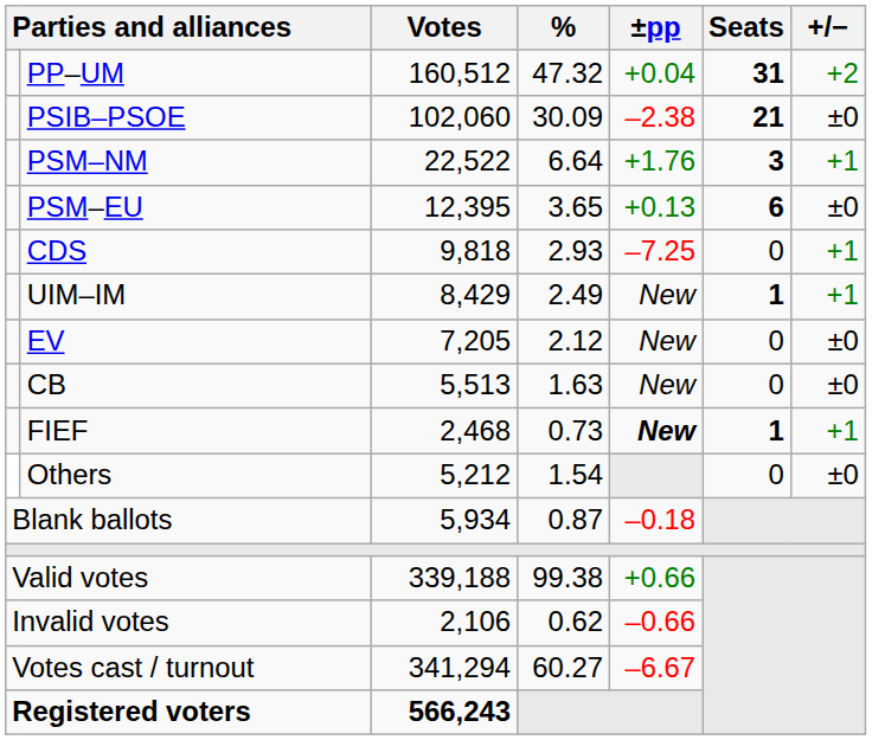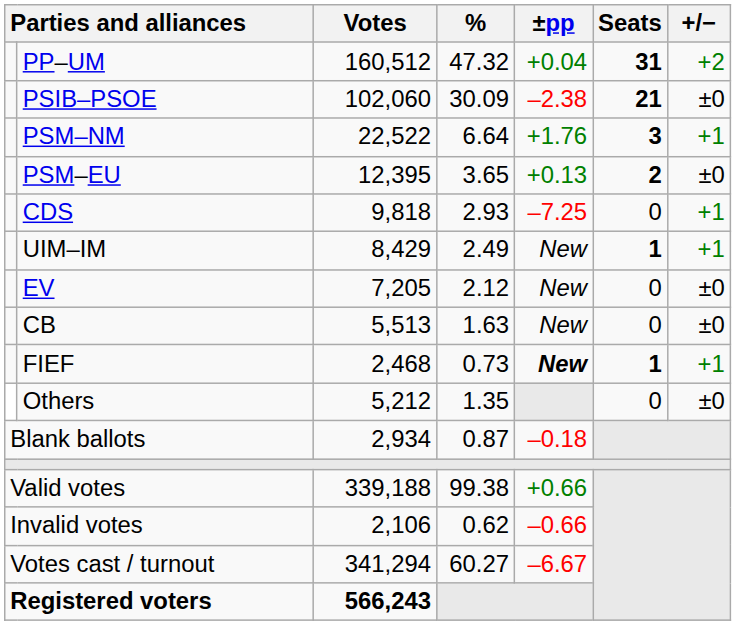 <table class="wikitable" style="text-align:right;">
 <tr>
 <th style="text-align:left;" colspan="2" width="200">Parties and alliances</th>
 <th width="75">Votes</th>
 <th width="45">%</th>
 <th width="45">±<a href='#'>pp</a></th>
 <th width="35">Seats</th>
 <th width="35">+/−</th>
 </tr>
 <tr>
 <td width="1" style="color:inherit;background:"></td>
 <td align="left"><a href='#'>PP</a>–<a href='#'>UM</a></td>
 <td>160,512</td>
 <td>47.32</td>
 <td style="color:green;">+0.04</td>
 <td><strong>31</strong></td>
 <td style="color:green;">+2</td>
 </tr>
 <tr>
 <td style="color:inherit;background:"></td>
 <td align="left"><a href='#'>PSIB–PSOE</a></td>
 <td>102,060</td>
 <td>30.09</td>
 <td style="color:red;">–2.38</td>
 <td><strong>21</strong></td>
 <td>±0</td>
 </tr>
 <tr>
 <td style="color:inherit;background:"></td>
 <td align="left"><a href='#'>PSM–NM</a></td>
 <td>22,522</td>
 <td>6.64</td>
 <td style="color:green;">+1.76</td>
 <td><strong>3</strong></td>
 <td style="color:green;">+1</td>
 </tr>
 <tr>
 <td style="color:inherit;background:"></td>
 <td align="left"><a href='#'>PSM</a>–<a href='#'>EU</a></td>
 <td>12,395</td>
 <td>3.65</td>
 <td style="color:green;">+0.13</td>
-<td><strong>6</strong></td>
+<td><strong>2</strong></td>
 <td>±0</td>
 </tr>
 <tr>
 <td style="color:inherit;background:"></td>
 <td align="left"><a href='#'>CDS</a></td>
 <td>9,818</td>
 <td>2.93</td>
 <td style="color:red;">–7.25</td>
 <td>0</td>
 <td style="color:green;">+1</td>
 </tr>
 <tr>
 <td style="color:inherit;background:"></td>
 <td align="left">UIM–IM</td>
 <td>8,429</td>
 <td>2.49</td>
 <td><em>New</em></td>
 <td><strong>1</strong></td>
 <td style="color:green;">+1</td>
 </tr>
 <tr>
 <td style="color:inherit;background:"></td>
 <td align="left"><a href='#'>EV</a></td>
 <td>7,205</td>
 <td>2.12</td>
 <td><em>New</em></td>
 <td>0</td>
 <td>±0</td>
 </tr>
 <tr>
 <td style="color:inherit;background:"></td>
 <td align="left">CB</td>
 <td>5,513</td>
 <td>1.63</td>
 <td><em>New</em></td>
 <td>0</td>
 <td>±0</td>
 </tr>
 <tr>
 <td style="color:inherit;background:"></td>
 <td align="left">FIEF</td>
 <td>2,468</td>
 <td>0.73</td>
 <td><strong><em>New</em></strong></td>
 <td><strong>1</strong></td>
 <td style="color:green;">+1</td>
 </tr>
 <tr>
 <td bgcolor="white"></td>
 <td align="left">Others</td>
 <td>5,212</td>
-<td>1.54</td>
+<td>1.35</td>
 <td bgcolor="#E9E9E9"></td>
 <td>0</td>
 <td>±0</td>
 </tr>
 <tr>
 <td align="left" colspan="2">Blank ballots</td>
-<td>5,934</td>
+<td>2,934</td>
 <td>0.87</td>
 <td style="color:red;">–0.18</td>
 <td bgcolor="#E9E9E9" colspan="2"></td>
 </tr>
 <tr>
 <td colspan="7" bgcolor="#E9E9E9"></td>
 </tr>
 <tr>
 <td align="left" colspan="2">Valid votes</td>
 <td>339,188</td>
 <td>99.38</td>
 <td style="color:green;">+0.66</td>
 <td bgcolor="#E9E9E9" colspan="2" rowspan="4"></td>
 </tr>
 <tr>
 <td align="left" colspan="2">Invalid votes</td>
 <td>2,106</td>
 <td>0.62</td>
 <td style="color:red;">–0.66</td>
 </tr>
 <tr>
 <td align="left" colspan="2">Votes cast / turnout</td>
 <td>341,294</td>
 <td>60.27</td>
 <td style="color:red;">–6.67</td>
 </tr>
 <tr style="font-weight:bold;">
 <td align="left" colspan="2">Registered voters</td>
 <td>566,243</td>
 <td bgcolor="#E9E9E9" colspan="2"></td>
 </tr>
 </table>
